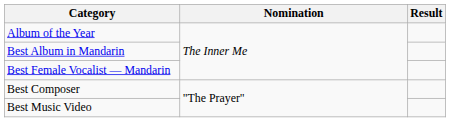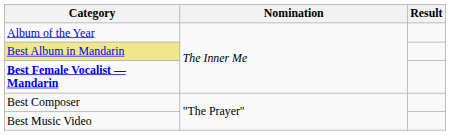 <table class="wikitable">
 <tr>
 <th width="230">Category</th>
 <th width="300">Nomination</th>
 <th>Result</th>
 </tr>
 <tr>
 <td><a href='#'>Album of the Year</a></td>
 <td rowspan=3><em>The Inner Me</em></td>
 <td></td>
 </tr>
 <tr>
-<td><a href='#'>Best Album in Mandarin</a></td>
+<td style="background: khaki;"><a href='#'>Best Album in Mandarin</a></td>
 <td></td>
 </tr>
 <tr>
-<td><a href='#'>Best Female Vocalist — Mandarin</a></td>
+<td><strong><a href='#'>Best Female Vocalist — Mandarin</a></strong></td>
 <td></td>
 </tr>
 <tr>
 <td>Best Composer</td>
 <td rowspan=2>"The Prayer"</td>
 <td></td>
 </tr>
 <tr>
 <td>Best Music Video</td>
 <td></td>
 </tr>
 </table>
